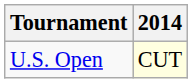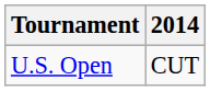 <table class="wikitable" style="font-size:95%;text-align:center;">
 <tr>
 <th>Tournament</th>
 <th>2014</th>
 </tr>
 <tr>
 <td align=left><a href='#'>U.S. Open</a></td>
-<td style="background: lightyellow;">CUT</td>
+<td>CUT</td>
 </tr>
 </table>
